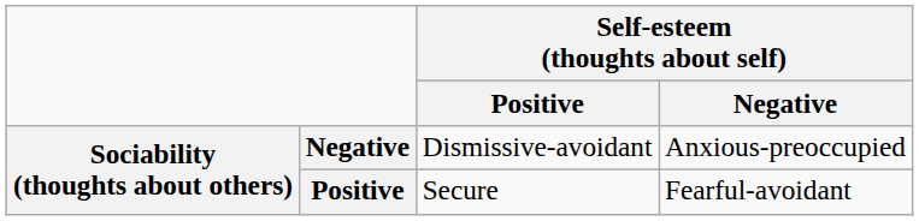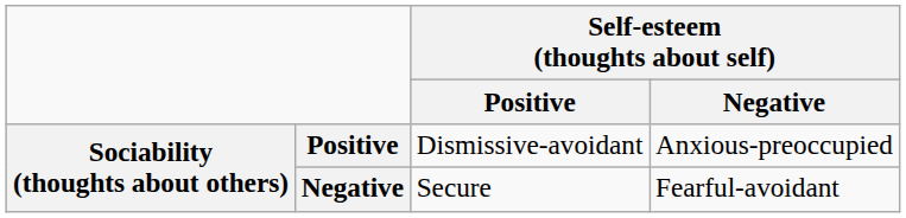 <table class="wikitable" style="margin: 1em auto;">
 <tr>
 <th colspan=2 rowspan=2 style="background: none;"></th>
 <th colspan=2>Self-esteem<br>(thoughts about self)</th>
 </tr>
 <tr>
 <th>Positive</th>
 <th>Negative</th>
 </tr>
 <tr>
 <th rowspan=2>Sociability<br>(thoughts about others)</th>
-<th>Negative</th>
+<th>Positive</th>
 <td>Dismissive-avoidant</td>
 <td>Anxious-preoccupied</td>
 </tr>
 <tr>
-<th>Positive</th>
+<th>Negative</th>
 <td>Secure</td>
 <td>Fearful-avoidant</td>
 </tr>
 </table>
